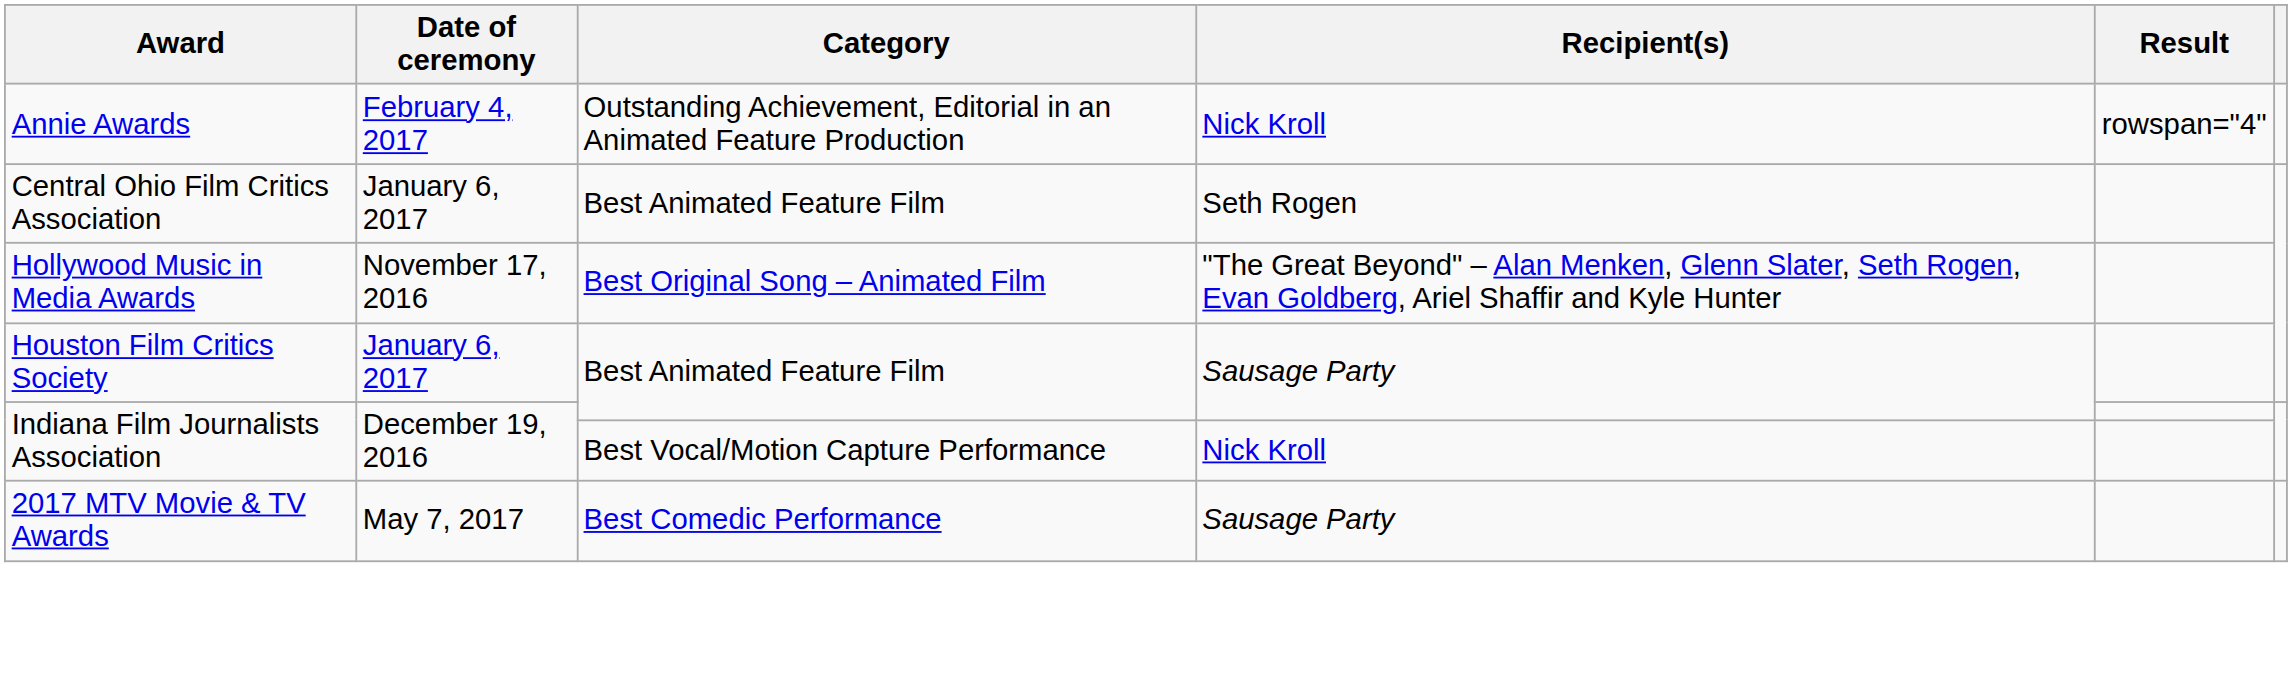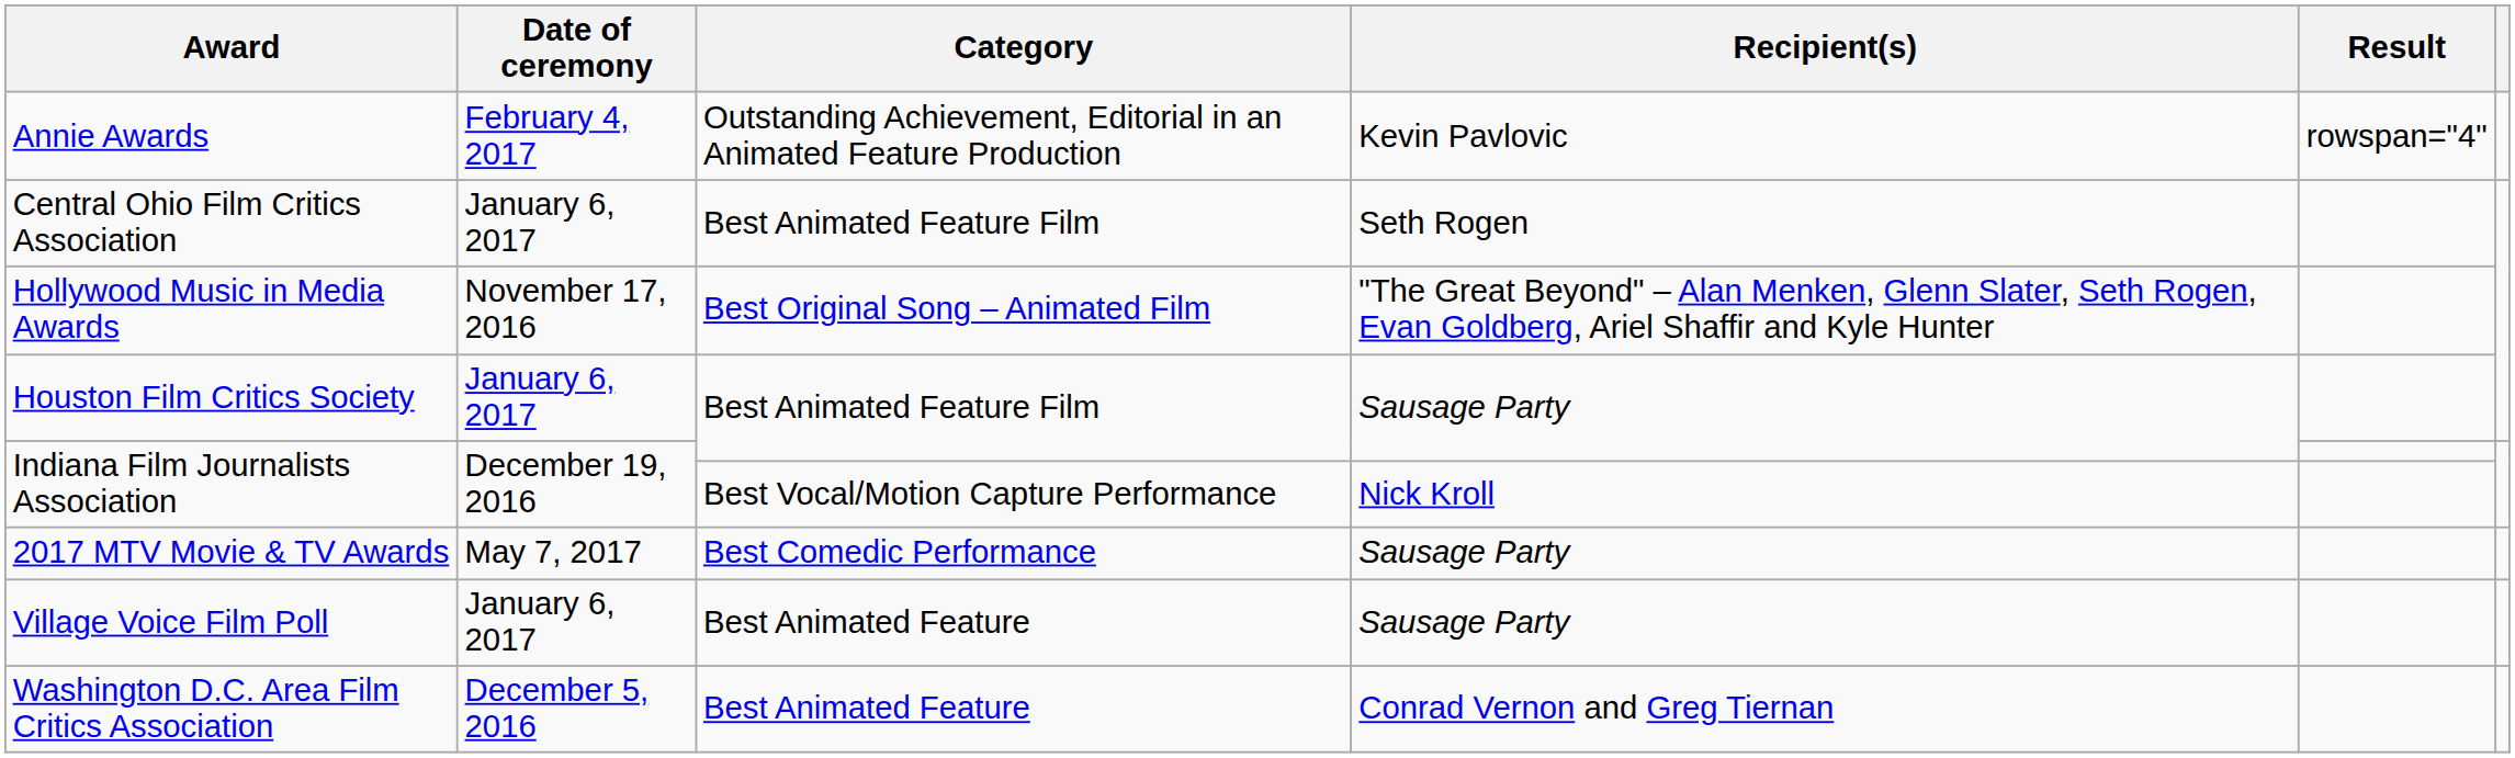 <table class="wikitable sortable">
 <tr>
 <th>Award</th>
 <th>Date of ceremony</th>
 <th>Category</th>
 <th>Recipient(s)</th>
 <th>Result</th>
 <th></th>
 </tr>
 <tr>
 <td><a href='#'>Annie Awards</a></td>
 <td><a href='#'>February 4, 2017</a></td>
 <td>Outstanding Achievement, Editorial in an Animated Feature Production</td>
-<td><a href='#'>Nick Kroll</a></td>
+<td>Kevin Pavlovic</td>
 <td>rowspan="4" </td>
 <td></td>
 </tr>
 <tr>
 <td>Central Ohio Film Critics Association</td>
 <td>January 6, 2017</td>
 <td>Best Animated Feature Film</td>
 <td>Seth Rogen</td>
 <td></td>
 </tr>
 <tr>
 <td><a href='#'>Hollywood Music in Media Awards</a></td>
 <td>November 17, 2016</td>
 <td><a href='#'>Best Original Song – Animated Film</a></td>
 <td>"The Great Beyond" – <a href='#'>Alan Menken</a>, <a href='#'>Glenn Slater</a>, <a href='#'>Seth Rogen</a>, <a href='#'>Evan Goldberg</a>, Ariel Shaffir and Kyle Hunter</td>
 <td></td>
 </tr>
 <tr>
 <td><a href='#'>Houston Film Critics Society</a></td>
 <td><a href='#'>January 6, 2017</a></td>
 <td rowspan="2">Best Animated Feature Film</td>
 <td rowspan="2"><em>Sausage Party</em></td>
 <td></td>
 </tr>
 <tr>
 <td rowspan="2">Indiana Film Journalists Association</td>
 <td rowspan="2">December 19, 2016</td>
 <td></td>
 <td rowspan="2"></td>
 </tr>
 <tr>
 <td>Best Vocal/Motion Capture Performance</td>
 <td><a href='#'>Nick Kroll</a></td>
 <td></td>
 </tr>
 <tr>
 <td><a href='#'>2017 MTV Movie & TV Awards</a></td>
 <td>May 7, 2017</td>
 <td><a href='#'>Best Comedic Performance</a></td>
 <td rowspan="1"><em>Sausage Party</em></td>
 <td></td>
 <td></td>
 </tr>
+<tr>
+<td><a href='#'>Village Voice Film Poll</a></td>
+<td>January 6, 2017</td>
+<td>Best Animated Feature</td>
+<td><em>Sausage Party</em></td>
+<td></td>
+<td></td>
+</tr>
+<tr>
+<td><a href='#'>Washington D.C. Area Film Critics Association</a></td>
+<td><a href='#'>December 5, 2016</a></td>
+<td><a href='#'>Best Animated Feature</a></td>
+<td><a href='#'>Conrad Vernon</a> and <a href='#'>Greg Tiernan</a></td>
+<td></td>
+<td></td>
+</tr>
 </table>
